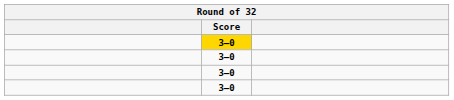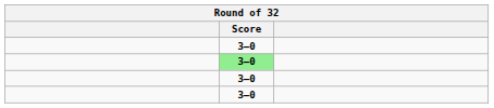 <table class="wikitable" style="text-align: center; font-size:90% ">
 <tr>
 <th colspan=3>Round of 32</th>
 </tr>
 <tr>
 <th align="right" width="250"></th>
 <th width="60">Score</th>
 <th align="left" width="250"></th>
 </tr>
 <tr>
 <td align=left><strong></strong></td>
-<td align=center style="background: gold;"><strong>3–0</strong></td>
+<td align=center><strong>3–0</strong></td>
 <td align=left></td>
 </tr>
 <tr>
 <td align=left><strong></strong></td>
-<td align=center><strong>3–0</strong></td>
+<td align=center style="background: lightgreen;"><strong>3–0</strong></td>
 <td align=left></td>
 </tr>
 <tr>
 <td align=left><strong></strong></td>
 <td align=center><strong>3–0</strong></td>
 <td align=left></td>
 </tr>
 <tr>
 <td align=left><strong></strong></td>
 <td align=center><strong>3–0</strong></td>
 <td align=left></td>
 </tr>
 </table>
